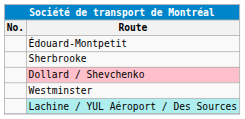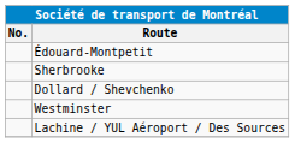 <table align=center class="wikitable">
 <tr>
 <th style="background: #0085CA; font-size:100%; color:#FFFFFF;"colspan="4">Société de transport de Montréal</th>
 </tr>
 <tr>
 <th>No.</th>
 <th>Route</th>
 </tr>
 <tr>
 <td {{Avoid wrap> </td>
 <td>Édouard-Montpetit</td>
 </tr>
 <tr>
 <td {{Avoid wrap> </td>
 <td>Sherbrooke</td>
 </tr>
 <tr>
 <td></td>
-<td style="background: pink;">Dollard / Shevchenko</td>
+<td>Dollard / Shevchenko</td>
 </tr>
 <tr>
 <td></td>
 <td>Westminster</td>
 </tr>
 <tr>
 <td {{Avoid wrap> </td>
-<td style="background: paleturquoise;">Lachine / YUL Aéroport / Des Sources</td>
+<td>Lachine / YUL Aéroport / Des Sources</td>
 </tr>
 <tr>
 </tr>
 </table>
